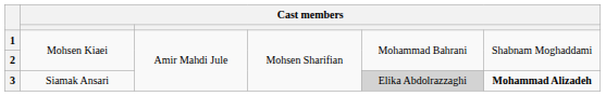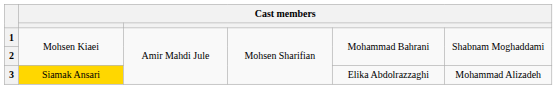 <table class="wikitable plainrowheaders" style="width:100%; text-align:center; line-height:23px;">
 <tr>
 <th rowspan=2 width=1%></th>
 <th colspan=5>Cast members </th>
 </tr>
 <tr>
 <th></th>
 <th colspan=4></th>
 </tr>
 <tr>
 <th>1</th>
 <td rowspan=2 width=10%>Mohsen Kiaei</td>
 <td rowspan=3 width=10%>Amir Mahdi Jule</td>
 <td rowspan=3 width=10%>Mohsen Sharifian</td>
 <td rowspan=2 width=10%>Mohammad Bahrani</td>
 <td rowspan=2 width=10%>Shabnam Moghaddami</td>
 </tr>
 <tr>
 <th>2</th>
 </tr>
 <tr>
 <th>3</th>
-<td>Siamak Ansari</td>
-<td style="background: lightgrey;">Elika Abdolrazzaghi</td>
-<td><strong>Mohammad Alizadeh</strong></td>
+<td style="background: gold;">Siamak Ansari</td>
+<td>Elika Abdolrazzaghi</td>
+<td>Mohammad Alizadeh</td>
 </tr>
 </table>
